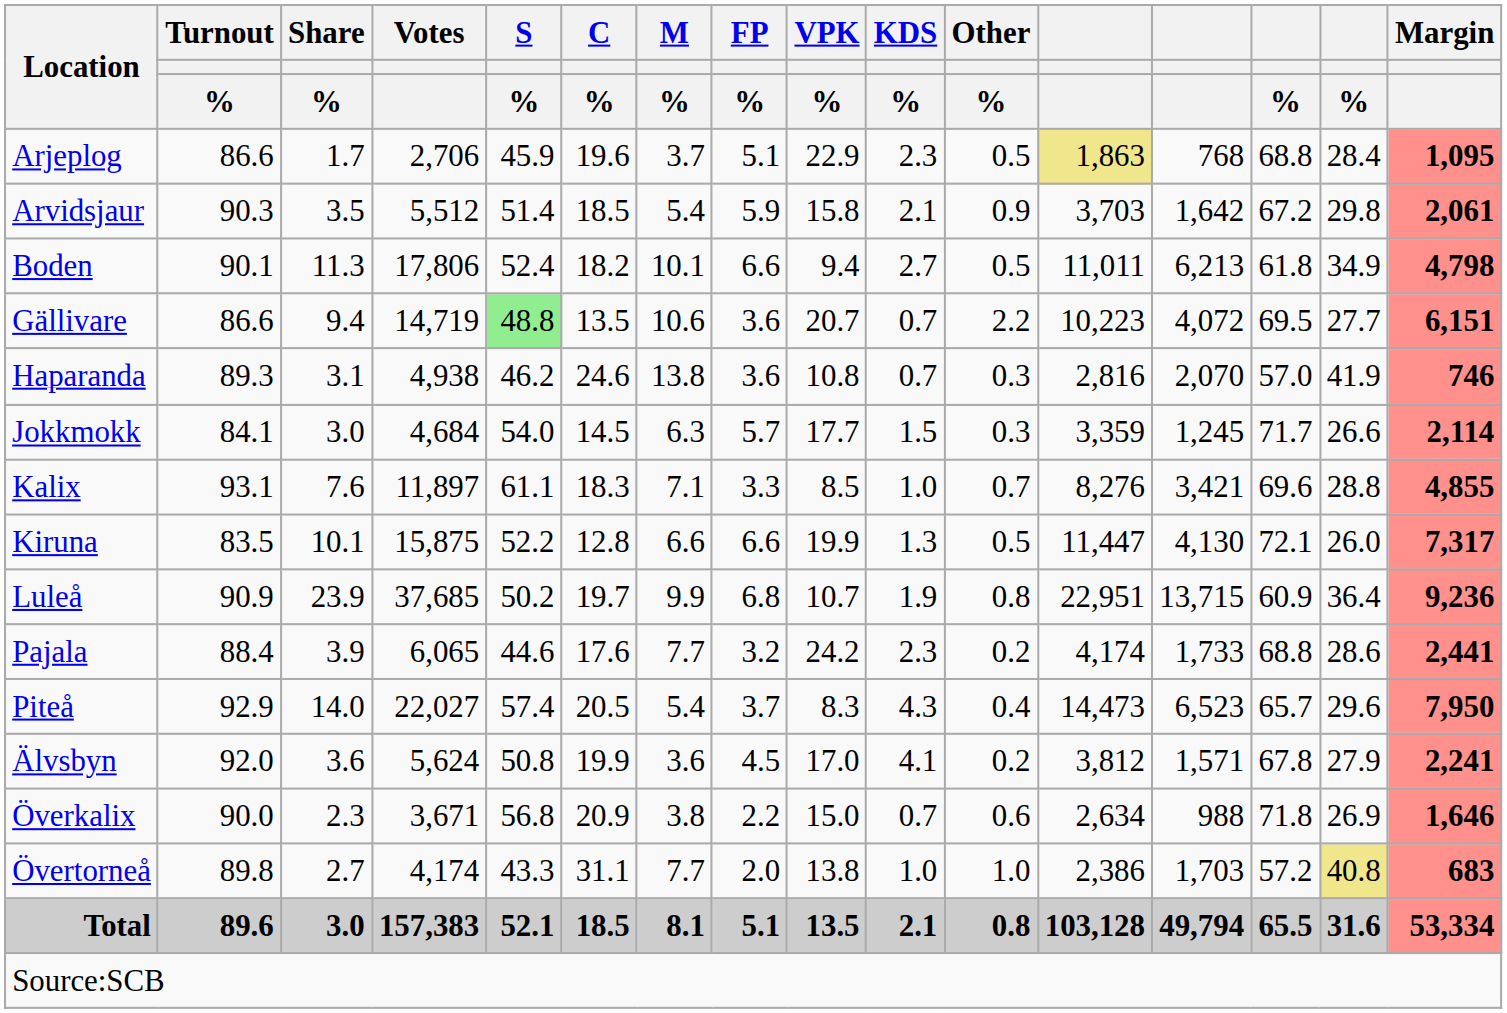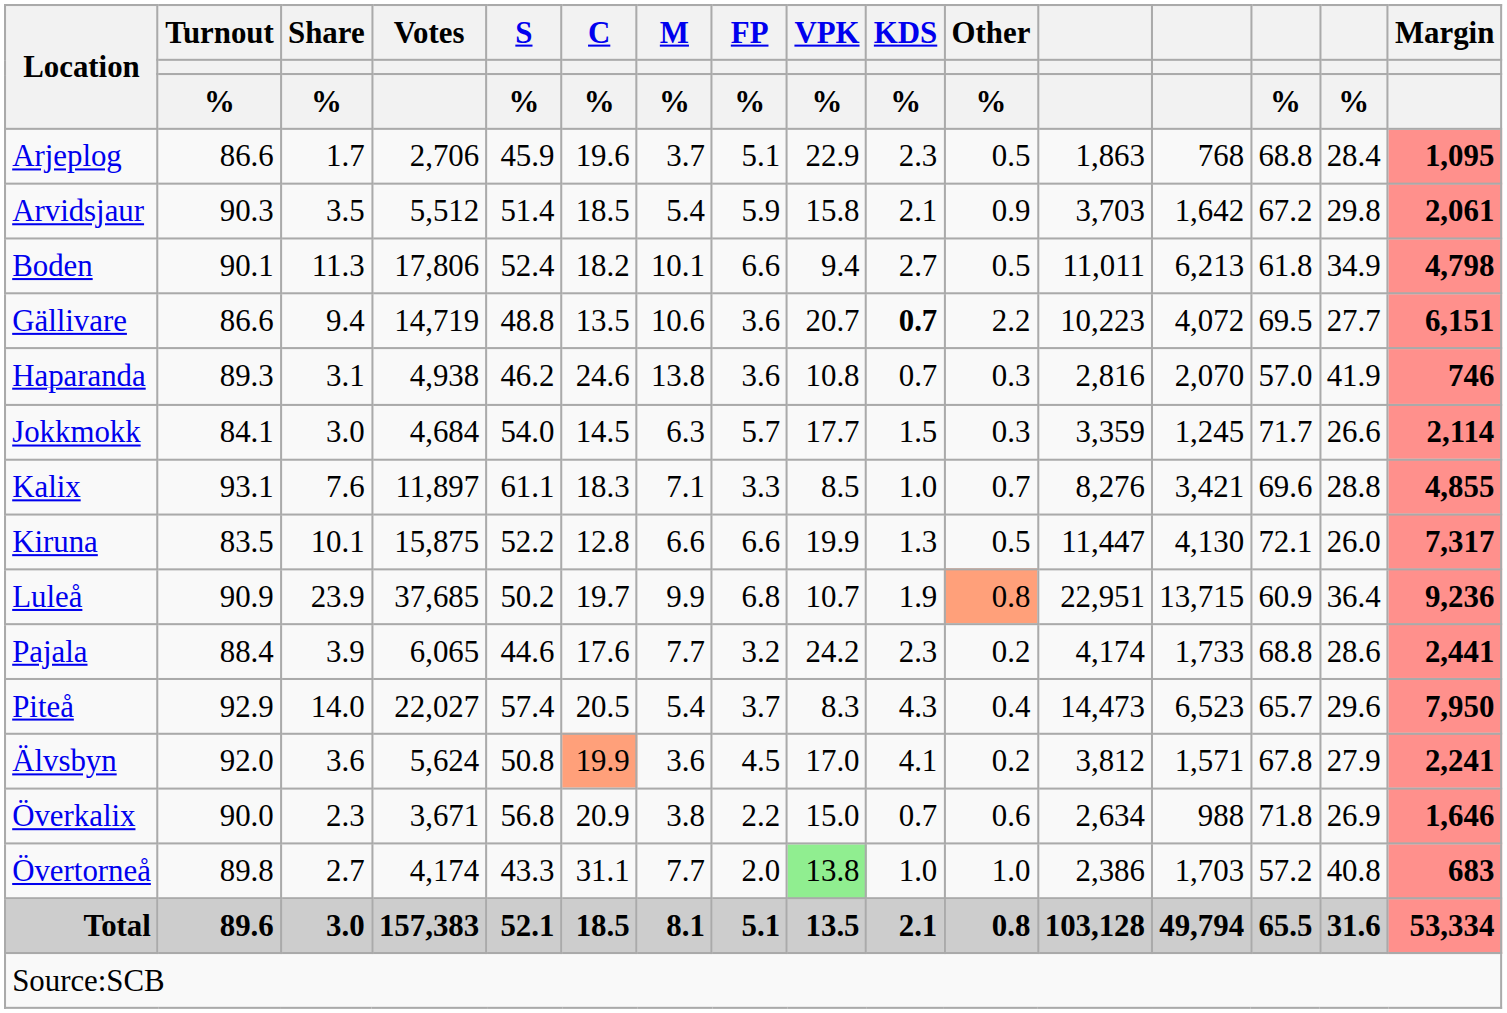 <table class="wikitable sortable" style="text-align:right; font-size:95%; line-height:20px;">
 <tr>
 <th rowspan="3">Location</th>
 <th>Turnout</th>
 <th>Share</th>
 <th>Votes</th>
 <th width="30px" class="unsortable"><a href='#'>S</a></th>
 <th width="30px" class="unsortable"><a href='#'>C</a></th>
 <th width="30px" class="unsortable"><a href='#'>M</a></th>
 <th width="30px" class="unsortable"><a href='#'>FP</a></th>
 <th width="30px" class="unsortable"><a href='#'>VPK</a></th>
 <th width="30px" class="unsortable"><a href='#'>KDS</a></th>
 <th width="30px" class="unsortable">Other</th>
 <th></th>
 <th></th>
 <th></th>
 <th></th>
 <th>Margin</th>
 </tr>
 <tr>
 <th></th>
 <th></th>
 <th></th>
 <th style="background:"></th>
 <th style="background:"></th>
 <th style="background:"></th>
 <th style="background:"></th>
 <th style="background:"></th>
 <th style="background:"></th>
 <th style="background:"></th>
 <th style="background:"></th>
 <th style="background:"></th>
 <th style="background:"></th>
 <th style="background:"></th>
 <th></th>
 </tr>
 <tr>
 <th data-sort-type="number">%</th>
 <th data-sort-type="number">%</th>
 <th></th>
 <th data-sort-type="number">%</th>
 <th data-sort-type="number">%</th>
 <th data-sort-type="number">%</th>
 <th data-sort-type="number">%</th>
 <th data-sort-type="number">%</th>
 <th data-sort-type="number">%</th>
 <th data-sort-type="number">%</th>
 <th data-sort-type="number"></th>
 <th data-sort-type="number"></th>
 <th data-sort-type="number">%</th>
 <th data-sort-type="number">%</th>
 <th data-sort-type="number"></th>
 </tr>
 <tr>
 <td align=left><a href='#'>Arjeplog</a></td>
 <td>86.6</td>
 <td>1.7</td>
 <td>2,706</td>
 <td>45.9</td>
 <td>19.6</td>
 <td>3.7</td>
 <td>5.1</td>
 <td>22.9</td>
 <td>2.3</td>
 <td>0.5</td>
-<td style="background: khaki;">1,863</td>
+<td>1,863</td>
 <td>768</td>
 <td>68.8</td>
 <td>28.4</td>
 <td bgcolor=#ff908c><strong>1,095</strong></td>
 </tr>
 <tr>
 <td align=left><a href='#'>Arvidsjaur</a></td>
 <td>90.3</td>
 <td>3.5</td>
 <td>5,512</td>
 <td>51.4</td>
 <td>18.5</td>
 <td>5.4</td>
 <td>5.9</td>
 <td>15.8</td>
 <td>2.1</td>
 <td>0.9</td>
 <td>3,703</td>
 <td>1,642</td>
 <td>67.2</td>
 <td>29.8</td>
 <td bgcolor=#ff908c><strong>2,061</strong></td>
 </tr>
 <tr>
 <td align=left><a href='#'>Boden</a></td>
 <td>90.1</td>
 <td>11.3</td>
 <td>17,806</td>
 <td>52.4</td>
 <td>18.2</td>
 <td>10.1</td>
 <td>6.6</td>
 <td>9.4</td>
 <td>2.7</td>
 <td>0.5</td>
 <td>11,011</td>
 <td>6,213</td>
 <td>61.8</td>
 <td>34.9</td>
 <td bgcolor=#ff908c><strong>4,798</strong></td>
 </tr>
 <tr>
 <td align=left><a href='#'>Gällivare</a></td>
 <td>86.6</td>
 <td>9.4</td>
 <td>14,719</td>
-<td style="background: lightgreen;">48.8</td>
+<td>48.8</td>
 <td>13.5</td>
 <td>10.6</td>
 <td>3.6</td>
 <td>20.7</td>
-<td>0.7</td>
+<td><strong>0.7</strong></td>
 <td>2.2</td>
 <td>10,223</td>
 <td>4,072</td>
 <td>69.5</td>
 <td>27.7</td>
 <td bgcolor=#ff908c><strong>6,151</strong></td>
 </tr>
 <tr>
 <td align=left><a href='#'>Haparanda</a></td>
 <td>89.3</td>
 <td>3.1</td>
 <td>4,938</td>
 <td>46.2</td>
 <td>24.6</td>
 <td>13.8</td>
 <td>3.6</td>
 <td>10.8</td>
 <td>0.7</td>
 <td>0.3</td>
 <td>2,816</td>
 <td>2,070</td>
 <td>57.0</td>
 <td>41.9</td>
 <td bgcolor=#ff908c><strong>746</strong></td>
 </tr>
 <tr>
 <td align=left><a href='#'>Jokkmokk</a></td>
 <td>84.1</td>
 <td>3.0</td>
 <td>4,684</td>
 <td>54.0</td>
 <td>14.5</td>
 <td>6.3</td>
 <td>5.7</td>
 <td>17.7</td>
 <td>1.5</td>
 <td>0.3</td>
 <td>3,359</td>
 <td>1,245</td>
 <td>71.7</td>
 <td>26.6</td>
 <td bgcolor=#ff908c><strong>2,114</strong></td>
 </tr>
 <tr>
 <td align=left><a href='#'>Kalix</a></td>
 <td>93.1</td>
 <td>7.6</td>
 <td>11,897</td>
 <td>61.1</td>
 <td>18.3</td>
 <td>7.1</td>
 <td>3.3</td>
 <td>8.5</td>
 <td>1.0</td>
 <td>0.7</td>
 <td>8,276</td>
 <td>3,421</td>
 <td>69.6</td>
 <td>28.8</td>
 <td bgcolor=#ff908c><strong>4,855</strong></td>
 </tr>
 <tr>
 <td align=left><a href='#'>Kiruna</a></td>
 <td>83.5</td>
 <td>10.1</td>
 <td>15,875</td>
 <td>52.2</td>
 <td>12.8</td>
 <td>6.6</td>
 <td>6.6</td>
 <td>19.9</td>
 <td>1.3</td>
 <td>0.5</td>
 <td>11,447</td>
 <td>4,130</td>
 <td>72.1</td>
 <td>26.0</td>
 <td bgcolor=#ff908c><strong>7,317</strong></td>
 </tr>
 <tr>
 <td align=left><a href='#'>Luleå</a></td>
 <td>90.9</td>
 <td>23.9</td>
 <td>37,685</td>
 <td>50.2</td>
 <td>19.7</td>
 <td>9.9</td>
 <td>6.8</td>
 <td>10.7</td>
 <td>1.9</td>
-<td>0.8</td>
+<td style="background: lightsalmon;">0.8</td>
 <td>22,951</td>
 <td>13,715</td>
 <td>60.9</td>
 <td>36.4</td>
 <td bgcolor=#ff908c><strong>9,236</strong></td>
 </tr>
 <tr>
 <td align=left><a href='#'>Pajala</a></td>
 <td>88.4</td>
 <td>3.9</td>
 <td>6,065</td>
 <td>44.6</td>
 <td>17.6</td>
 <td>7.7</td>
 <td>3.2</td>
 <td>24.2</td>
 <td>2.3</td>
 <td>0.2</td>
 <td>4,174</td>
 <td>1,733</td>
 <td>68.8</td>
 <td>28.6</td>
 <td bgcolor=#ff908c><strong>2,441</strong></td>
 </tr>
 <tr>
 <td align=left><a href='#'>Piteå</a></td>
 <td>92.9</td>
 <td>14.0</td>
 <td>22,027</td>
 <td>57.4</td>
 <td>20.5</td>
 <td>5.4</td>
 <td>3.7</td>
 <td>8.3</td>
 <td>4.3</td>
 <td>0.4</td>
 <td>14,473</td>
 <td>6,523</td>
 <td>65.7</td>
 <td>29.6</td>
 <td bgcolor=#ff908c><strong>7,950</strong></td>
 </tr>
 <tr>
 <td align=left><a href='#'>Älvsbyn</a></td>
 <td>92.0</td>
 <td>3.6</td>
 <td>5,624</td>
 <td>50.8</td>
-<td>19.9</td>
+<td style="background: lightsalmon;">19.9</td>
 <td>3.6</td>
 <td>4.5</td>
 <td>17.0</td>
 <td>4.1</td>
 <td>0.2</td>
 <td>3,812</td>
 <td>1,571</td>
 <td>67.8</td>
 <td>27.9</td>
 <td bgcolor=#ff908c><strong>2,241</strong></td>
 </tr>
 <tr>
 <td align=left><a href='#'>Överkalix</a></td>
 <td>90.0</td>
 <td>2.3</td>
 <td>3,671</td>
 <td>56.8</td>
 <td>20.9</td>
 <td>3.8</td>
 <td>2.2</td>
 <td>15.0</td>
 <td>0.7</td>
 <td>0.6</td>
 <td>2,634</td>
 <td>988</td>
 <td>71.8</td>
 <td>26.9</td>
 <td bgcolor=#ff908c><strong>1,646</strong></td>
 </tr>
 <tr>
 <td align=left><a href='#'>Övertorneå</a></td>
 <td>89.8</td>
 <td>2.7</td>
 <td>4,174</td>
 <td>43.3</td>
 <td>31.1</td>
 <td>7.7</td>
 <td>2.0</td>
-<td>13.8</td>
+<td style="background: lightgreen;">13.8</td>
 <td>1.0</td>
 <td>1.0</td>
 <td>2,386</td>
 <td>1,703</td>
 <td>57.2</td>
-<td style="background: khaki;">40.8</td>
+<td>40.8</td>
 <td bgcolor=#ff908c><strong>683</strong></td>
 </tr>
 <tr style="background:#CDCDCD;">
 <td><strong>Total</strong></td>
 <td><strong>89.6</strong></td>
 <td><strong>3.0</strong></td>
 <td><strong>157,383</strong></td>
 <td><strong>52.1</strong></td>
 <td><strong>18.5</strong></td>
 <td><strong>8.1</strong></td>
 <td><strong>5.1</strong></td>
 <td><strong>13.5</strong></td>
 <td><strong>2.1</strong></td>
 <td><strong>0.8</strong></td>
 <td><strong>103,128</strong></td>
 <td><strong>49,794</strong></td>
 <td><strong>65.5</strong></td>
 <td><strong>31.6</strong></td>
 <td bgcolor=#ff908c><strong>53,334</strong></td>
 </tr>
 <tr>
 <td align=left colspan=16>Source:SCB </td>
 </tr>
 </table>
